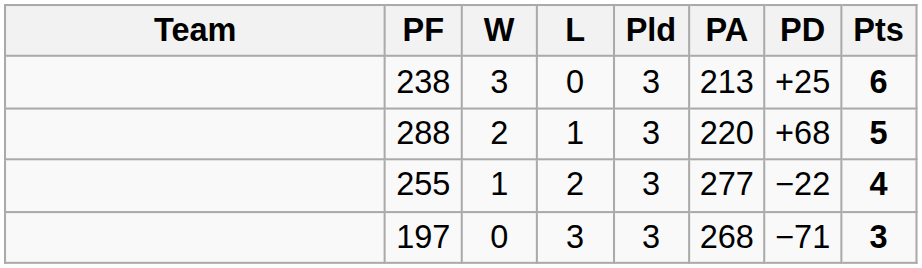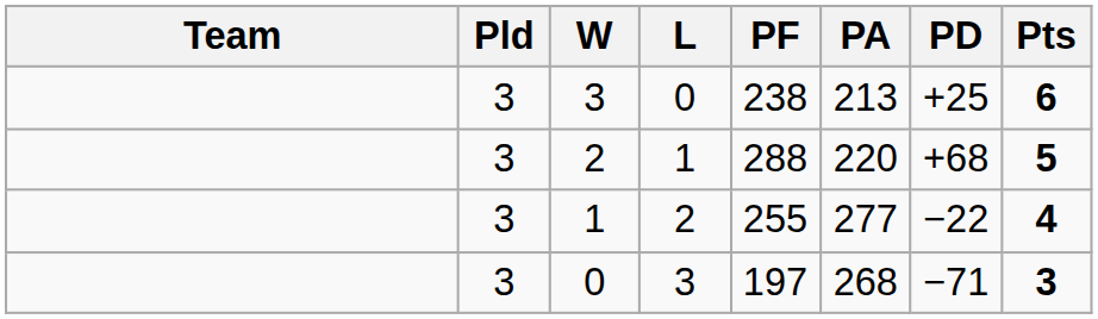 <table class=wikitable style="text-align:center">
 <tr>
 <th width=180>Team</th>
-<th width=30>PF</th>
+<th width=30>Pld</th>
 <th width=30>W</th>
 <th width=30>L</th>
-<th width=30>Pld</th>
+<th width=30>PF</th>
 <th width=30>PA</th>
 <th width=30>PD</th>
 <th width=30>Pts</th>
 </tr>
 <tr>
 <td align="left"></td>
-<td>238</td>
+<td>3</td>
 <td>3</td>
 <td>0</td>
-<td>3</td>
+<td>238</td>
 <td>213</td>
 <td>+25</td>
 <td><strong>6</strong></td>
 </tr>
 <tr>
 <td align="left"></td>
-<td>288</td>
+<td>3</td>
 <td>2</td>
 <td>1</td>
-<td>3</td>
+<td>288</td>
 <td>220</td>
 <td>+68</td>
 <td><strong>5</strong></td>
 </tr>
 <tr>
 <td align="left"></td>
-<td>255</td>
+<td>3</td>
 <td>1</td>
 <td>2</td>
-<td>3</td>
+<td>255</td>
 <td>277</td>
 <td>−22</td>
 <td><strong>4</strong></td>
 </tr>
 <tr>
 <td align="left"></td>
-<td>197</td>
+<td>3</td>
 <td>0</td>
 <td>3</td>
-<td>3</td>
+<td>197</td>
 <td>268</td>
 <td>−71</td>
 <td><strong>3</strong></td>
 </tr>
 </table>
